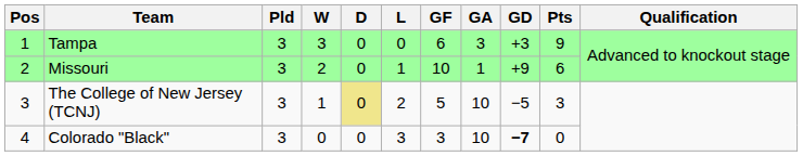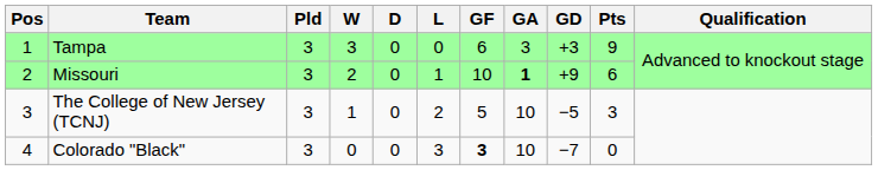 <table class="wikitable" style="text-align:center; margin: 1em auto">
 <tr>
 <th style=width:2em>Pos</th>
 <th style=width:13em>Team</th>
 <th style=width:2em>Pld</th>
 <th style=width:2em>W</th>
 <th style=width:2em>D</th>
 <th style=width:2em>L</th>
 <th style=width:2em>GF</th>
 <th style=width:2em>GA</th>
 <th style=width:2em>GD</th>
 <th style=width:2em>Pts</th>
 <th style=width:13em>Qualification</th>
 </tr>
 <tr bgcolor="#9eff9e">
 <td>1</td>
 <td style="text-align:left">Tampa</td>
 <td>3</td>
 <td>3</td>
 <td>0</td>
 <td>0</td>
 <td>6</td>
 <td>3</td>
 <td>+3</td>
 <td>9</td>
 <td rowspan="2">Advanced to knockout stage</td>
 </tr>
 <tr bgcolor="#9eff9e">
 <td>2</td>
 <td style="text-align:left">Missouri</td>
 <td>3</td>
 <td>2</td>
 <td>0</td>
 <td>1</td>
 <td>10</td>
-<td>1</td>
+<td><strong>1</strong></td>
 <td>+9</td>
 <td>6</td>
 </tr>
 <tr>
 <td>3</td>
 <td style="text-align:left">The College of New Jersey (TCNJ)</td>
 <td>3</td>
 <td>1</td>
-<td style="background: khaki;">0</td>
+<td>0</td>
 <td>2</td>
 <td>5</td>
 <td>10</td>
 <td>−5</td>
 <td>3</td>
 <td rowspan="2"></td>
 </tr>
 <tr>
 <td>4</td>
 <td style="text-align:left">Colorado "Black"</td>
 <td>3</td>
 <td>0</td>
 <td>0</td>
 <td>3</td>
-<td>3</td>
+<td><strong>3</strong></td>
 <td>10</td>
-<td><strong>−7</strong></td>
+<td>−7</td>
 <td>0</td>
 </tr>
 </table>
